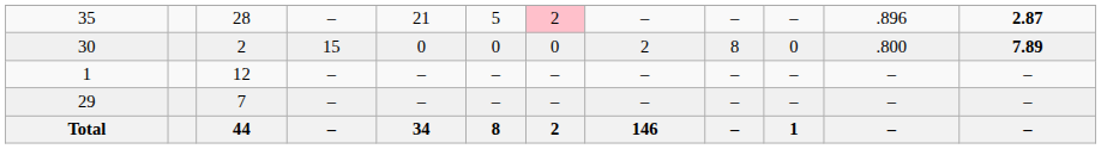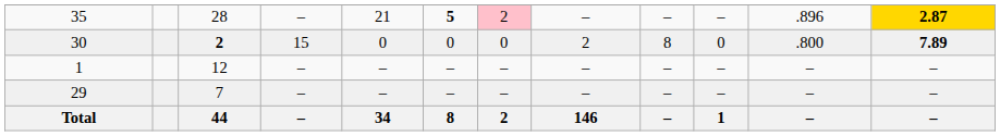 <table class="wikitable sortable" width ="1000">
 <tr align="center">
 </tr>
 <tr align="center">
 <td>35</td>
 <td></td>
 <td>28</td>
 <td>–</td>
 <td>21</td>
-<td>5</td>
+<td><strong>5</strong></td>
 <td style="background: pink;">2</td>
 <td>–</td>
 <td>–</td>
 <td>–</td>
 <td>.896</td>
-<td><strong>2.87</strong></td>
+<td style="background: gold;"><strong>2.87</strong></td>
 </tr>
 <tr align="center" bgcolor="#f0f0f0">
 <td>30</td>
 <td></td>
-<td>2</td>
+<td><strong>2</strong></td>
 <td>15</td>
 <td>0</td>
 <td>0</td>
 <td>0</td>
 <td>2</td>
 <td>8</td>
 <td>0</td>
 <td>.800</td>
 <td><strong>7.89</strong></td>
 </tr>
 <tr align="center">
 <td>1</td>
 <td></td>
 <td>12</td>
 <td>–</td>
 <td>–</td>
 <td>–</td>
 <td>–</td>
 <td>–</td>
 <td>–</td>
 <td>–</td>
 <td>–</td>
 <td>–</td>
 </tr>
 <tr align="center" bgcolor="#f0f0f0">
 <td>29</td>
 <td></td>
 <td>7</td>
 <td>–</td>
 <td>–</td>
 <td>–</td>
 <td>–</td>
 <td>–</td>
 <td>–</td>
 <td>–</td>
 <td>–</td>
 <td>–</td>
 </tr>
 <tr>
 <th>Total</th>
 <th></th>
 <th>44</th>
 <th>–</th>
 <th>34</th>
 <th>8</th>
 <th>2</th>
 <th>146</th>
 <th>–</th>
 <th>1</th>
 <th>–</th>
 <th>–</th>
 </tr>
 </table>
